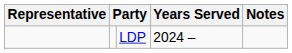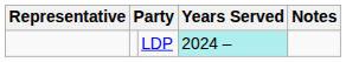 <table class="wikitable">
 <tr>
 <th>Representative</th>
 <th colspan="2">Party</th>
 <th>Years Served</th>
 <th>Notes</th>
 </tr>
 <tr>
 <td></td>
 <td bgcolor=></td>
 <td><a href='#'>LDP</a></td>
-<td>2024 –</td>
+<td style="background: paleturquoise;">2024 –</td>
 <td></td>
 </tr>
 </table>
